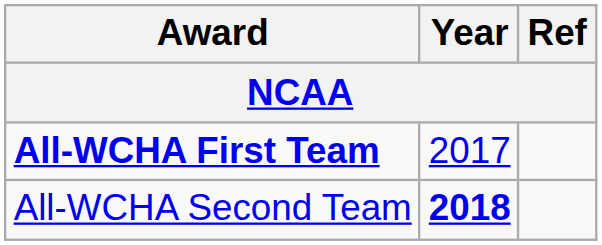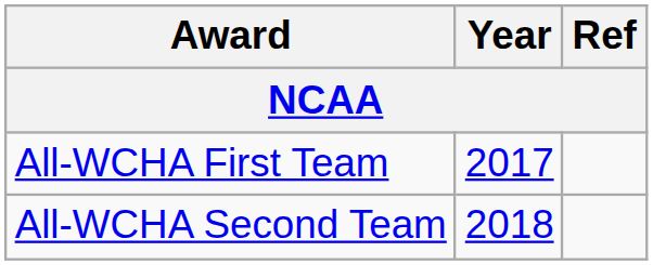 <table class="wikitable">
 <tr>
 <th>Award</th>
 <th>Year</th>
 <th>Ref</th>
 </tr>
 <tr ALIGN="center" bgcolor="#e0e0e0">
 <th colspan="3"><a href='#'>NCAA</a></th>
 </tr>
 <tr>
-<td><strong><a href='#'>All-WCHA First Team</a></strong></td>
+<td><a href='#'>All-WCHA First Team</a></td>
 <td><a href='#'>2017</a></td>
 <td></td>
 </tr>
 <tr>
 <td><a href='#'>All-WCHA Second Team</a></td>
-<td><strong><a href='#'>2018</a></strong></td>
+<td><a href='#'>2018</a></td>
 <td></td>
 </tr>
 </table>
